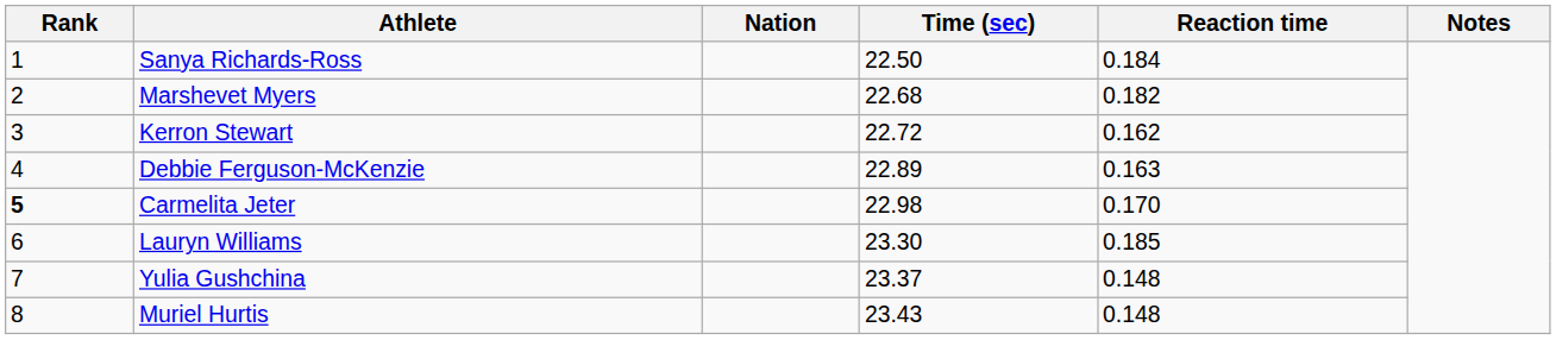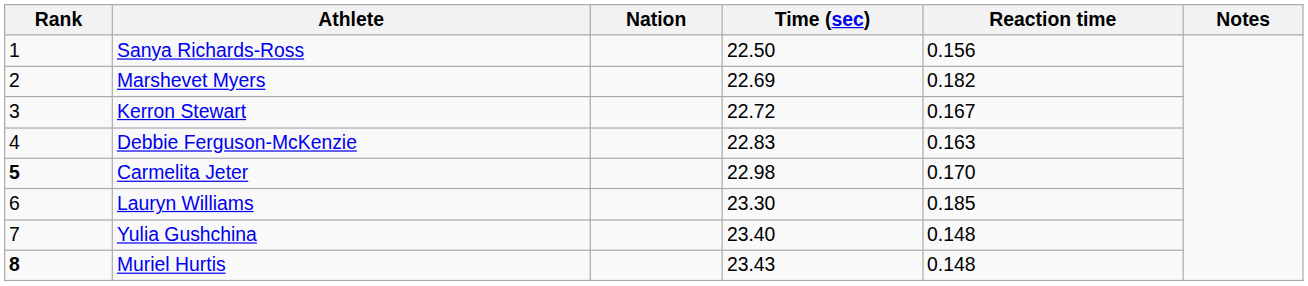 <table class="wikitable" style="text=align:center;" width=85%>
 <tr>
 <th>Rank</th>
 <th>Athlete</th>
 <th>Nation</th>
 <th>Time (<a href='#'>sec</a>)</th>
 <th>Reaction time</th>
 <th>Notes</th>
 </tr>
 <tr>
 <td>1</td>
 <td><a href='#'>Sanya Richards-Ross</a></td>
 <td></td>
 <td>22.50</td>
-<td>0.184</td>
+<td>0.156</td>
 </tr>
 <tr>
 <td>2</td>
 <td><a href='#'>Marshevet Myers</a></td>
 <td></td>
-<td>22.68</td>
+<td>22.69</td>
 <td>0.182</td>
 </tr>
 <tr>
 <td>3</td>
 <td><a href='#'>Kerron Stewart</a></td>
 <td></td>
 <td>22.72</td>
-<td>0.162</td>
+<td>0.167</td>
 </tr>
 <tr>
 <td>4</td>
 <td><a href='#'>Debbie Ferguson-McKenzie</a></td>
 <td></td>
-<td>22.89</td>
+<td>22.83</td>
 <td>0.163</td>
 </tr>
 <tr>
 <td><strong>5</strong></td>
 <td><a href='#'>Carmelita Jeter</a></td>
 <td></td>
 <td>22.98</td>
 <td>0.170</td>
 </tr>
 <tr>
 <td>6</td>
 <td><a href='#'>Lauryn Williams</a></td>
 <td></td>
 <td>23.30</td>
 <td>0.185</td>
 </tr>
 <tr>
 <td>7</td>
 <td><a href='#'>Yulia Gushchina</a></td>
 <td></td>
-<td>23.37</td>
+<td>23.40</td>
 <td>0.148</td>
 </tr>
 <tr>
-<td>8</td>
+<td><strong>8</strong></td>
 <td><a href='#'>Muriel Hurtis</a></td>
 <td></td>
 <td>23.43</td>
 <td>0.148</td>
 </tr>
 </table>
